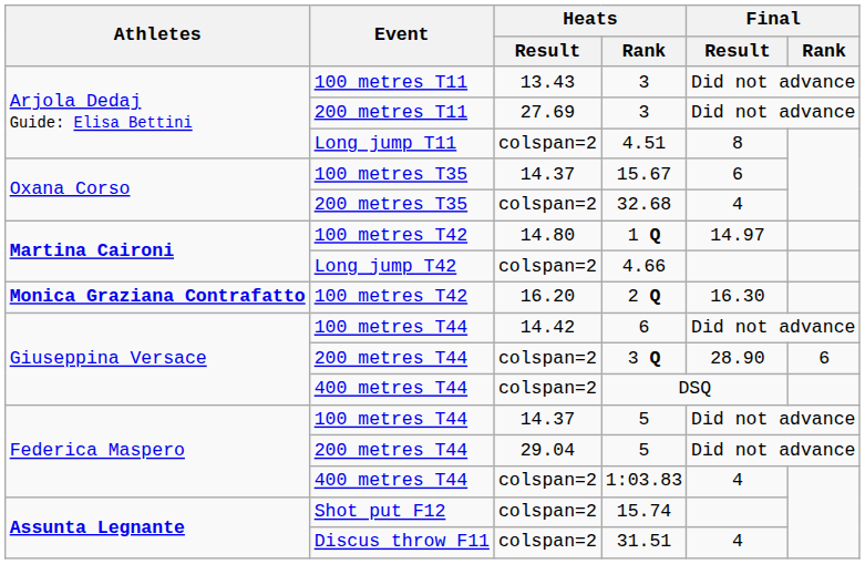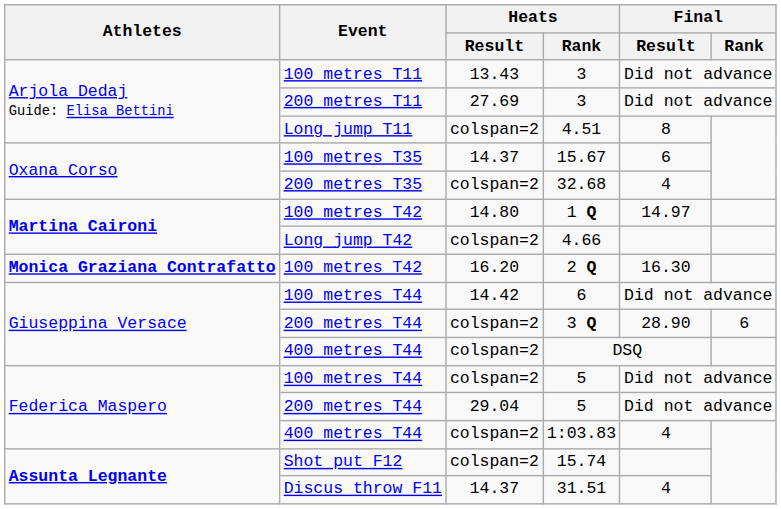 <table class=wikitable style="font-size:90%">
 <tr>
 <th rowspan="2">Athletes</th>
 <th rowspan="2">Event</th>
 <th colspan="2">Heats</th>
 <th colspan="2">Final</th>
 </tr>
 <tr>
 <th>Result</th>
 <th>Rank</th>
 <th>Result</th>
 <th>Rank</th>
 </tr>
 <tr align=center>
 <td align=left rowspan=3><a href='#'>Arjola Dedaj</a><br><small>Guide: <a href='#'>Elisa Bettini</a> </small></td>
 <td align=left><a href='#'>100 metres T11</a></td>
 <td>13.43</td>
 <td>3</td>
 <td colspan=2>Did not advance</td>
 </tr>
 <tr align=center>
 <td align=left><a href='#'>200 metres T11</a></td>
 <td>27.69</td>
 <td>3</td>
 <td colspan=2>Did not advance</td>
 </tr>
 <tr align=center>
 <td align=left><a href='#'>Long jump T11</a></td>
 <td>colspan=2 </td>
 <td>4.51</td>
 <td>8</td>
 </tr>
 <tr align=center>
 <td align=left rowspan=2><a href='#'>Oxana Corso</a></td>
 <td align=left><a href='#'>100 metres T35</a></td>
 <td>14.37</td>
 <td>15.67</td>
 <td>6</td>
 </tr>
 <tr align=center>
 <td align=left><a href='#'>200 metres T35</a></td>
 <td>colspan=2 </td>
 <td>32.68</td>
 <td>4</td>
 </tr>
 <tr align=center>
 <td align=left rowspan=2><strong><a href='#'>Martina Caironi</a></strong></td>
 <td align=left><a href='#'>100 metres T42</a></td>
 <td>14.80</td>
 <td>1 <strong>Q</strong></td>
 <td>14.97</td>
 <td></td>
 </tr>
 <tr align=center>
 <td align=left><a href='#'>Long jump T42</a></td>
 <td>colspan=2 </td>
 <td>4.66</td>
 <td></td>
 </tr>
 <tr align=center>
 <td align=left><strong><a href='#'>Monica Graziana Contrafatto</a></strong></td>
 <td align=left><a href='#'>100 metres T42</a></td>
 <td>16.20</td>
 <td>2 <strong>Q</strong></td>
 <td>16.30</td>
 <td></td>
 </tr>
 <tr align=center>
 <td align=left rowspan=3><a href='#'>Giuseppina Versace</a></td>
 <td align=left><a href='#'>100 metres T44</a></td>
 <td>14.42</td>
 <td>6</td>
 <td colspan=2>Did not advance</td>
 </tr>
 <tr align=center>
 <td align=left><a href='#'>200 metres T44</a></td>
 <td>colspan=2 </td>
 <td>3 <strong>Q</strong></td>
 <td>28.90</td>
 <td>6</td>
 </tr>
 <tr align=center>
 <td align=left><a href='#'>400 metres T44</a></td>
 <td>colspan=2 </td>
 <td colspan=2>DSQ</td>
 </tr>
 <tr align=center>
 <td align=left rowspan=3><a href='#'>Federica Maspero</a></td>
 <td align=left><a href='#'>100 metres T44</a></td>
-<td>14.37</td>
+<td>colspan=2 </td>
 <td>5</td>
 <td colspan=2>Did not advance</td>
 </tr>
 <tr align=center>
 <td align=left><a href='#'>200 metres T44</a></td>
 <td>29.04</td>
 <td>5</td>
 <td colspan=2>Did not advance</td>
 </tr>
 <tr align=center>
 <td align=left><a href='#'>400 metres T44</a></td>
 <td>colspan=2 </td>
 <td>1:03.83</td>
 <td>4</td>
 </tr>
 <tr align=center>
 <td align=left rowspan=2><strong><a href='#'>Assunta Legnante</a></strong></td>
 <td align=left><a href='#'>Shot put F12</a></td>
 <td>colspan=2 </td>
 <td>15.74</td>
 <td></td>
 </tr>
 <tr align=center>
 <td align=left><a href='#'>Discus throw F11</a></td>
-<td>colspan=2 </td>
+<td>14.37</td>
 <td>31.51</td>
 <td>4</td>
 </tr>
 </table>
